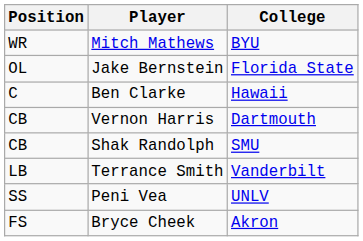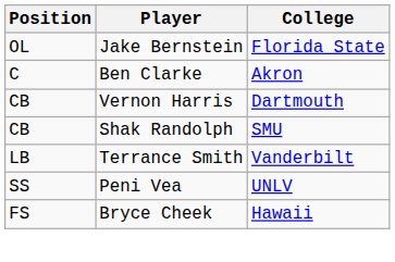 <table class="wikitable sortable">
 <tr>
 <th>Position</th>
 <th>Player</th>
 <th>College</th>
-</tr>
-<tr>
-<td>WR</td>
-<td><a href='#'>Mitch Mathews</a></td>
-<td><a href='#'>BYU</a></td>
 </tr>
 <tr>
 <td>OL</td>
 <td>Jake Bernstein</td>
 <td><a href='#'>Florida State</a></td>
 </tr>
 <tr>
 <td>C</td>
 <td>Ben Clarke</td>
-<td><a href='#'>Hawaii</a></td>
+<td><a href='#'>Akron</a></td>
 </tr>
 <tr>
 <td>CB</td>
 <td>Vernon Harris</td>
 <td><a href='#'>Dartmouth</a></td>
 </tr>
 <tr>
 <td>CB</td>
 <td>Shak Randolph</td>
 <td><a href='#'>SMU</a></td>
 </tr>
 <tr>
 <td>LB</td>
 <td>Terrance Smith</td>
 <td><a href='#'>Vanderbilt</a></td>
 </tr>
 <tr>
 <td>SS</td>
 <td>Peni Vea</td>
 <td><a href='#'>UNLV</a></td>
 </tr>
 <tr>
 <td>FS</td>
 <td>Bryce Cheek</td>
-<td><a href='#'>Akron</a></td>
+<td><a href='#'>Hawaii</a></td>
 </tr>
 </table>
